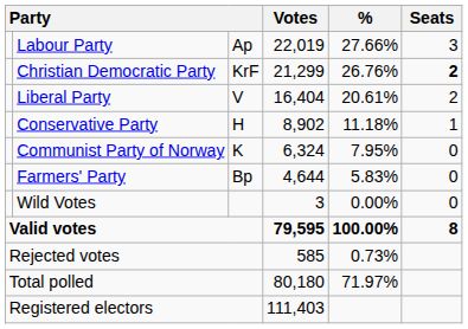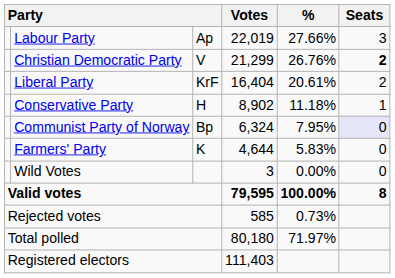 <table class="wikitable" border="1" style="text-align:right;">
 <tr>
 <th style="text-align:left;" colspan=3>Party</th>
 <th align=center width="50">Votes</th>
 <th align=center width="50">%</th>
 <th align=center width="50">Seats</th>
 </tr>
 <tr>
 <td style="color:inherit;background:"></td>
 <td align=left><a href='#'>Labour Party</a></td>
 <td align=left>Ap</td>
 <td>22,019</td>
 <td>27.66%</td>
 <td>3</td>
 </tr>
 <tr>
 <td style="color:inherit;background:"></td>
 <td align=left><a href='#'>Christian Democratic Party</a></td>
-<td align=left>KrF</td>
+<td align=left>V</td>
 <td>21,299</td>
 <td>26.76%</td>
 <td><strong>2</strong></td>
 </tr>
 <tr>
 <td style="color:inherit;background:"></td>
 <td align=left><a href='#'>Liberal Party</a></td>
-<td align=left>V</td>
+<td align=left>KrF</td>
 <td>16,404</td>
 <td>20.61%</td>
 <td>2</td>
 </tr>
 <tr>
 <td style="color:inherit;background:"></td>
 <td align=left><a href='#'>Conservative Party</a></td>
 <td align=left>H</td>
 <td>8,902</td>
 <td>11.18%</td>
 <td>1</td>
 </tr>
 <tr>
 <td style="color:inherit;background:"></td>
 <td align=left><a href='#'>Communist Party of Norway</a></td>
-<td align=left>K</td>
+<td align=left>Bp</td>
 <td>6,324</td>
 <td>7.95%</td>
-<td>0</td>
+<td style="background: lavender;">0</td>
 </tr>
 <tr>
 <td style="color:inherit;background:"></td>
 <td align=left><a href='#'>Farmers' Party</a></td>
-<td align=left>Bp</td>
+<td align=left>K</td>
 <td>4,644</td>
 <td>5.83%</td>
 <td>0</td>
 </tr>
 <tr>
 <td></td>
 <td align=left>Wild Votes</td>
 <td align=left></td>
 <td>3</td>
 <td>0.00%</td>
 <td>0</td>
 </tr>
 <tr style="font-weight:bold">
 <td align=left colspan=3>Valid votes</td>
 <td>79,595</td>
 <td>100.00%</td>
 <td>8</td>
 </tr>
 <tr>
 <td align=left colspan=3>Rejected votes</td>
 <td>585</td>
 <td>0.73%</td>
 <td></td>
 </tr>
 <tr>
 <td align=left colspan=3>Total polled</td>
 <td>80,180</td>
 <td>71.97%</td>
 <td></td>
 </tr>
 <tr>
 <td align=left colspan=3>Registered electors</td>
 <td>111,403</td>
 <td></td>
 <td></td>
 </tr>
 </table>
